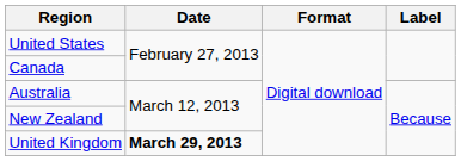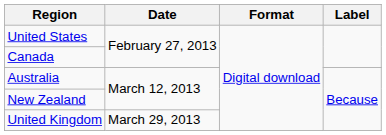 <table class=wikitable>
 <tr>
 <th scope="col">Region</th>
 <th scope="col">Date</th>
 <th scope="col">Format</th>
 <th scope="col">Label</th>
 </tr>
 <tr>
 <td><a href='#'>United States</a></td>
 <td rowspan="2">February 27, 2013</td>
 <td rowspan="5"><a href='#'>Digital download</a></td>
 <td rowspan="2"></td>
 </tr>
 <tr>
 <td><a href='#'>Canada</a></td>
 </tr>
 <tr>
 <td><a href='#'>Australia</a></td>
 <td rowspan="2">March 12, 2013</td>
 <td rowspan="3"><a href='#'>Because</a></td>
 </tr>
 <tr>
 <td><a href='#'>New Zealand</a></td>
 </tr>
 <tr>
 <td><a href='#'>United Kingdom</a></td>
-<td><strong>March 29, 2013</strong></td>
+<td>March 29, 2013</td>
 </tr>
 </table>
